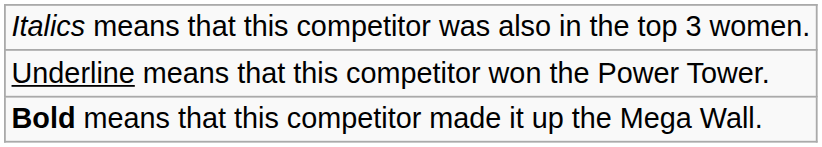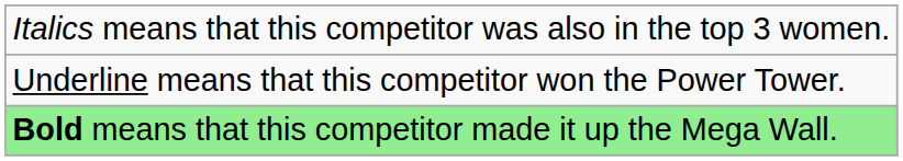 <table class="wikitable">
 <tr>
 <td><em> Italics</em> means that this competitor was also in the top 3 women.</td>
 </tr>
 <tr>
 <td><u>Underline</u> means that this competitor won the Power Tower.</td>
 </tr>
 <tr>
-<td><strong>Bold</strong> means that this competitor made it up the Mega Wall.</td>
+<td style="background: lightgreen;"><strong>Bold</strong> means that this competitor made it up the Mega Wall.</td>
 </tr>
 </table>
